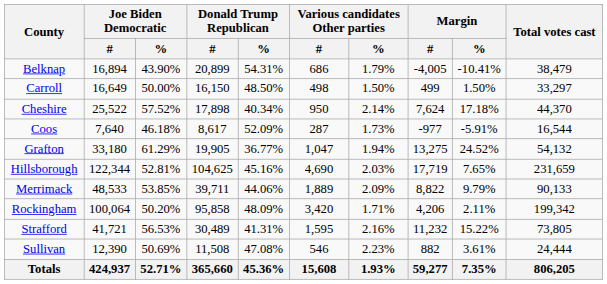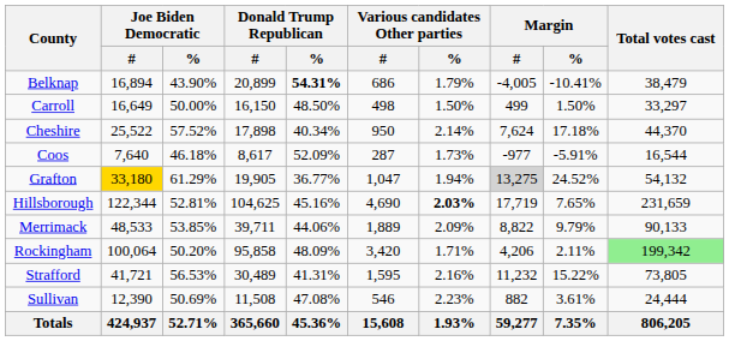 <table width="60%"  class="wikitable sortable" style="text-align:center">
 <tr>
 <th style="text-align:center;" rowspan="2">County</th>
 <th style="text-align:center;" colspan="2">Joe Biden<br>Democratic</th>
 <th style="text-align:center;" colspan="2">Donald Trump<br>Republican</th>
 <th style="text-align:center;" colspan="2">Various candidates<br>Other parties</th>
 <th style="text-align:center;" colspan="2">Margin</th>
 <th style="text-align:center;" rowspan="2">Total votes cast</th>
 </tr>
 <tr>
 <th style="text-align:center;" data-sort-type="number">#</th>
 <th style="text-align:center;" data-sort-type="number">%</th>
 <th style="text-align:center;" data-sort-type="number">#</th>
 <th style="text-align:center;" data-sort-type="number">%</th>
 <th style="text-align:center;" data-sort-type="number">#</th>
 <th style="text-align:center;" data-sort-type="number">%</th>
 <th style="text-align:center;" data-sort-type="number">#</th>
 <th style="text-align:center;" data-sort-type="number">%</th>
 </tr>
 <tr style="text-align:center;">
 <td><a href='#'>Belknap</a></td>
 <td>16,894</td>
 <td>43.90%</td>
 <td>20,899</td>
-<td>54.31%</td>
+<td><strong>54.31%</strong></td>
 <td>686</td>
 <td>1.79%</td>
 <td>-4,005</td>
 <td>-10.41%</td>
 <td>38,479</td>
 </tr>
 <tr style="text-align:center;">
 <td><a href='#'>Carroll</a></td>
 <td>16,649</td>
 <td>50.00%</td>
 <td>16,150</td>
 <td>48.50%</td>
 <td>498</td>
 <td>1.50%</td>
 <td>499</td>
 <td>1.50%</td>
 <td>33,297</td>
 </tr>
 <tr style="text-align:center;">
 <td><a href='#'>Cheshire</a></td>
 <td>25,522</td>
 <td>57.52%</td>
 <td>17,898</td>
 <td>40.34%</td>
 <td>950</td>
 <td>2.14%</td>
 <td>7,624</td>
 <td>17.18%</td>
 <td>44,370</td>
 </tr>
 <tr style="text-align:center;">
 <td><a href='#'>Coos</a></td>
 <td>7,640</td>
 <td>46.18%</td>
 <td>8,617</td>
 <td>52.09%</td>
 <td>287</td>
 <td>1.73%</td>
 <td>-977</td>
 <td>-5.91%</td>
 <td>16,544</td>
 </tr>
 <tr style="text-align:center;">
 <td><a href='#'>Grafton</a></td>
-<td>33,180</td>
+<td style="background: gold;">33,180</td>
 <td>61.29%</td>
 <td>19,905</td>
 <td>36.77%</td>
 <td>1,047</td>
 <td>1.94%</td>
-<td>13,275</td>
+<td style="background: lightgrey;">13,275</td>
 <td>24.52%</td>
 <td>54,132</td>
 </tr>
 <tr style="text-align:center;">
 <td><a href='#'>Hillsborough</a></td>
 <td>122,344</td>
 <td>52.81%</td>
 <td>104,625</td>
 <td>45.16%</td>
 <td>4,690</td>
-<td>2.03%</td>
+<td><strong>2.03%</strong></td>
 <td>17,719</td>
 <td>7.65%</td>
 <td>231,659</td>
 </tr>
 <tr style="text-align:center;">
 <td><a href='#'>Merrimack</a></td>
 <td>48,533</td>
 <td>53.85%</td>
 <td>39,711</td>
 <td>44.06%</td>
 <td>1,889</td>
 <td>2.09%</td>
 <td>8,822</td>
 <td>9.79%</td>
 <td>90,133</td>
 </tr>
 <tr style="text-align:center;">
 <td><a href='#'>Rockingham</a></td>
 <td>100,064</td>
 <td>50.20%</td>
 <td>95,858</td>
 <td>48.09%</td>
 <td>3,420</td>
 <td>1.71%</td>
 <td>4,206</td>
 <td>2.11%</td>
-<td>199,342</td>
+<td style="background: lightgreen;">199,342</td>
 </tr>
 <tr style="text-align:center;">
 <td><a href='#'>Strafford</a></td>
 <td>41,721</td>
 <td>56.53%</td>
 <td>30,489</td>
 <td>41.31%</td>
 <td>1,595</td>
 <td>2.16%</td>
 <td>11,232</td>
 <td>15.22%</td>
 <td>73,805</td>
 </tr>
 <tr style="text-align:center;">
 <td><a href='#'>Sullivan</a></td>
 <td>12,390</td>
 <td>50.69%</td>
 <td>11,508</td>
 <td>47.08%</td>
 <td>546</td>
 <td>2.23%</td>
 <td>882</td>
 <td>3.61%</td>
 <td>24,444</td>
 </tr>
 <tr>
 <th>Totals</th>
 <th>424,937</th>
 <th>52.71%</th>
 <th>365,660</th>
 <th>45.36%</th>
 <th>15,608</th>
 <th>1.93%</th>
 <th>59,277</th>
 <th>7.35%</th>
 <th>806,205</th>
 </tr>
 </table>
